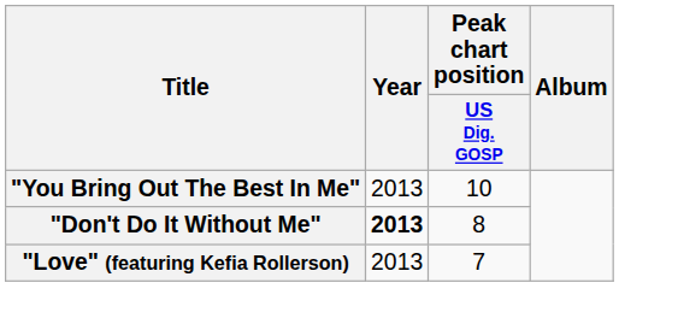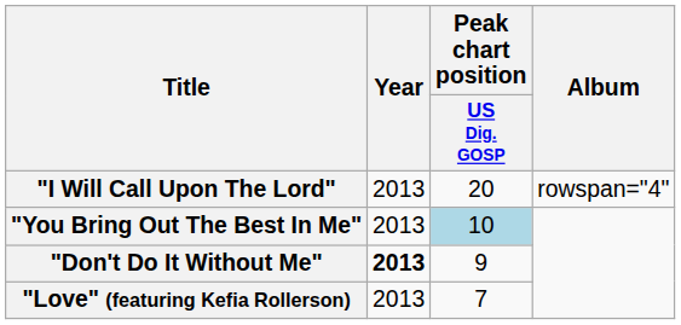 <table class="wikitable plainrowheaders" style="text-align:center;">
 <tr>
 <th scope="col" rowspan="2">Title</th>
 <th scope="col" rowspan="2">Year</th>
 <th scope="col" colspan="1">Peak chart position</th>
 <th scope="col" rowspan="2">Album</th>
 </tr>
 <tr>
 <th scope="col" style="width:3em;font-size:85%;"><a href='#'>US<br><small>Dig.<br>GOSP</small></a><br></th>
 </tr>
 <tr>
+<th scope="row">"I Will Call Upon The Lord"</th>
+<td>2013</td>
+<td>20</td>
+<td>rowspan="4" </td>
+</tr>
+<tr>
 <th scope="row">"You Bring Out The Best In Me"</th>
 <td>2013</td>
-<td>10</td>
+<td style="background: lightblue;">10</td>
 </tr>
 <tr>
 <th scope="row">"Don't Do It Without Me"</th>
 <td><strong>2013</strong></td>
-<td>8</td>
+<td>9</td>
 </tr>
 <tr>
 <th scope="row">"Love" <small>(featuring Kefia Rollerson)</small></th>
 <td>2013</td>
 <td>7</td>
 </tr>
 </table>
